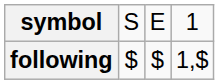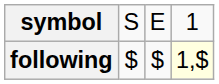 <table class="wikitable">
 <tr align="center">
 <th>symbol</th>
 <td>S</td>
 <td>E</td>
 <td>1</td>
 </tr>
 <tr align="center">
 <th>following</th>
 <td>$</td>
 <td>$</td>
-<td>1,$</td>
+<td style="background: lightyellow;">1,$</td>
 </tr>
 </table>
